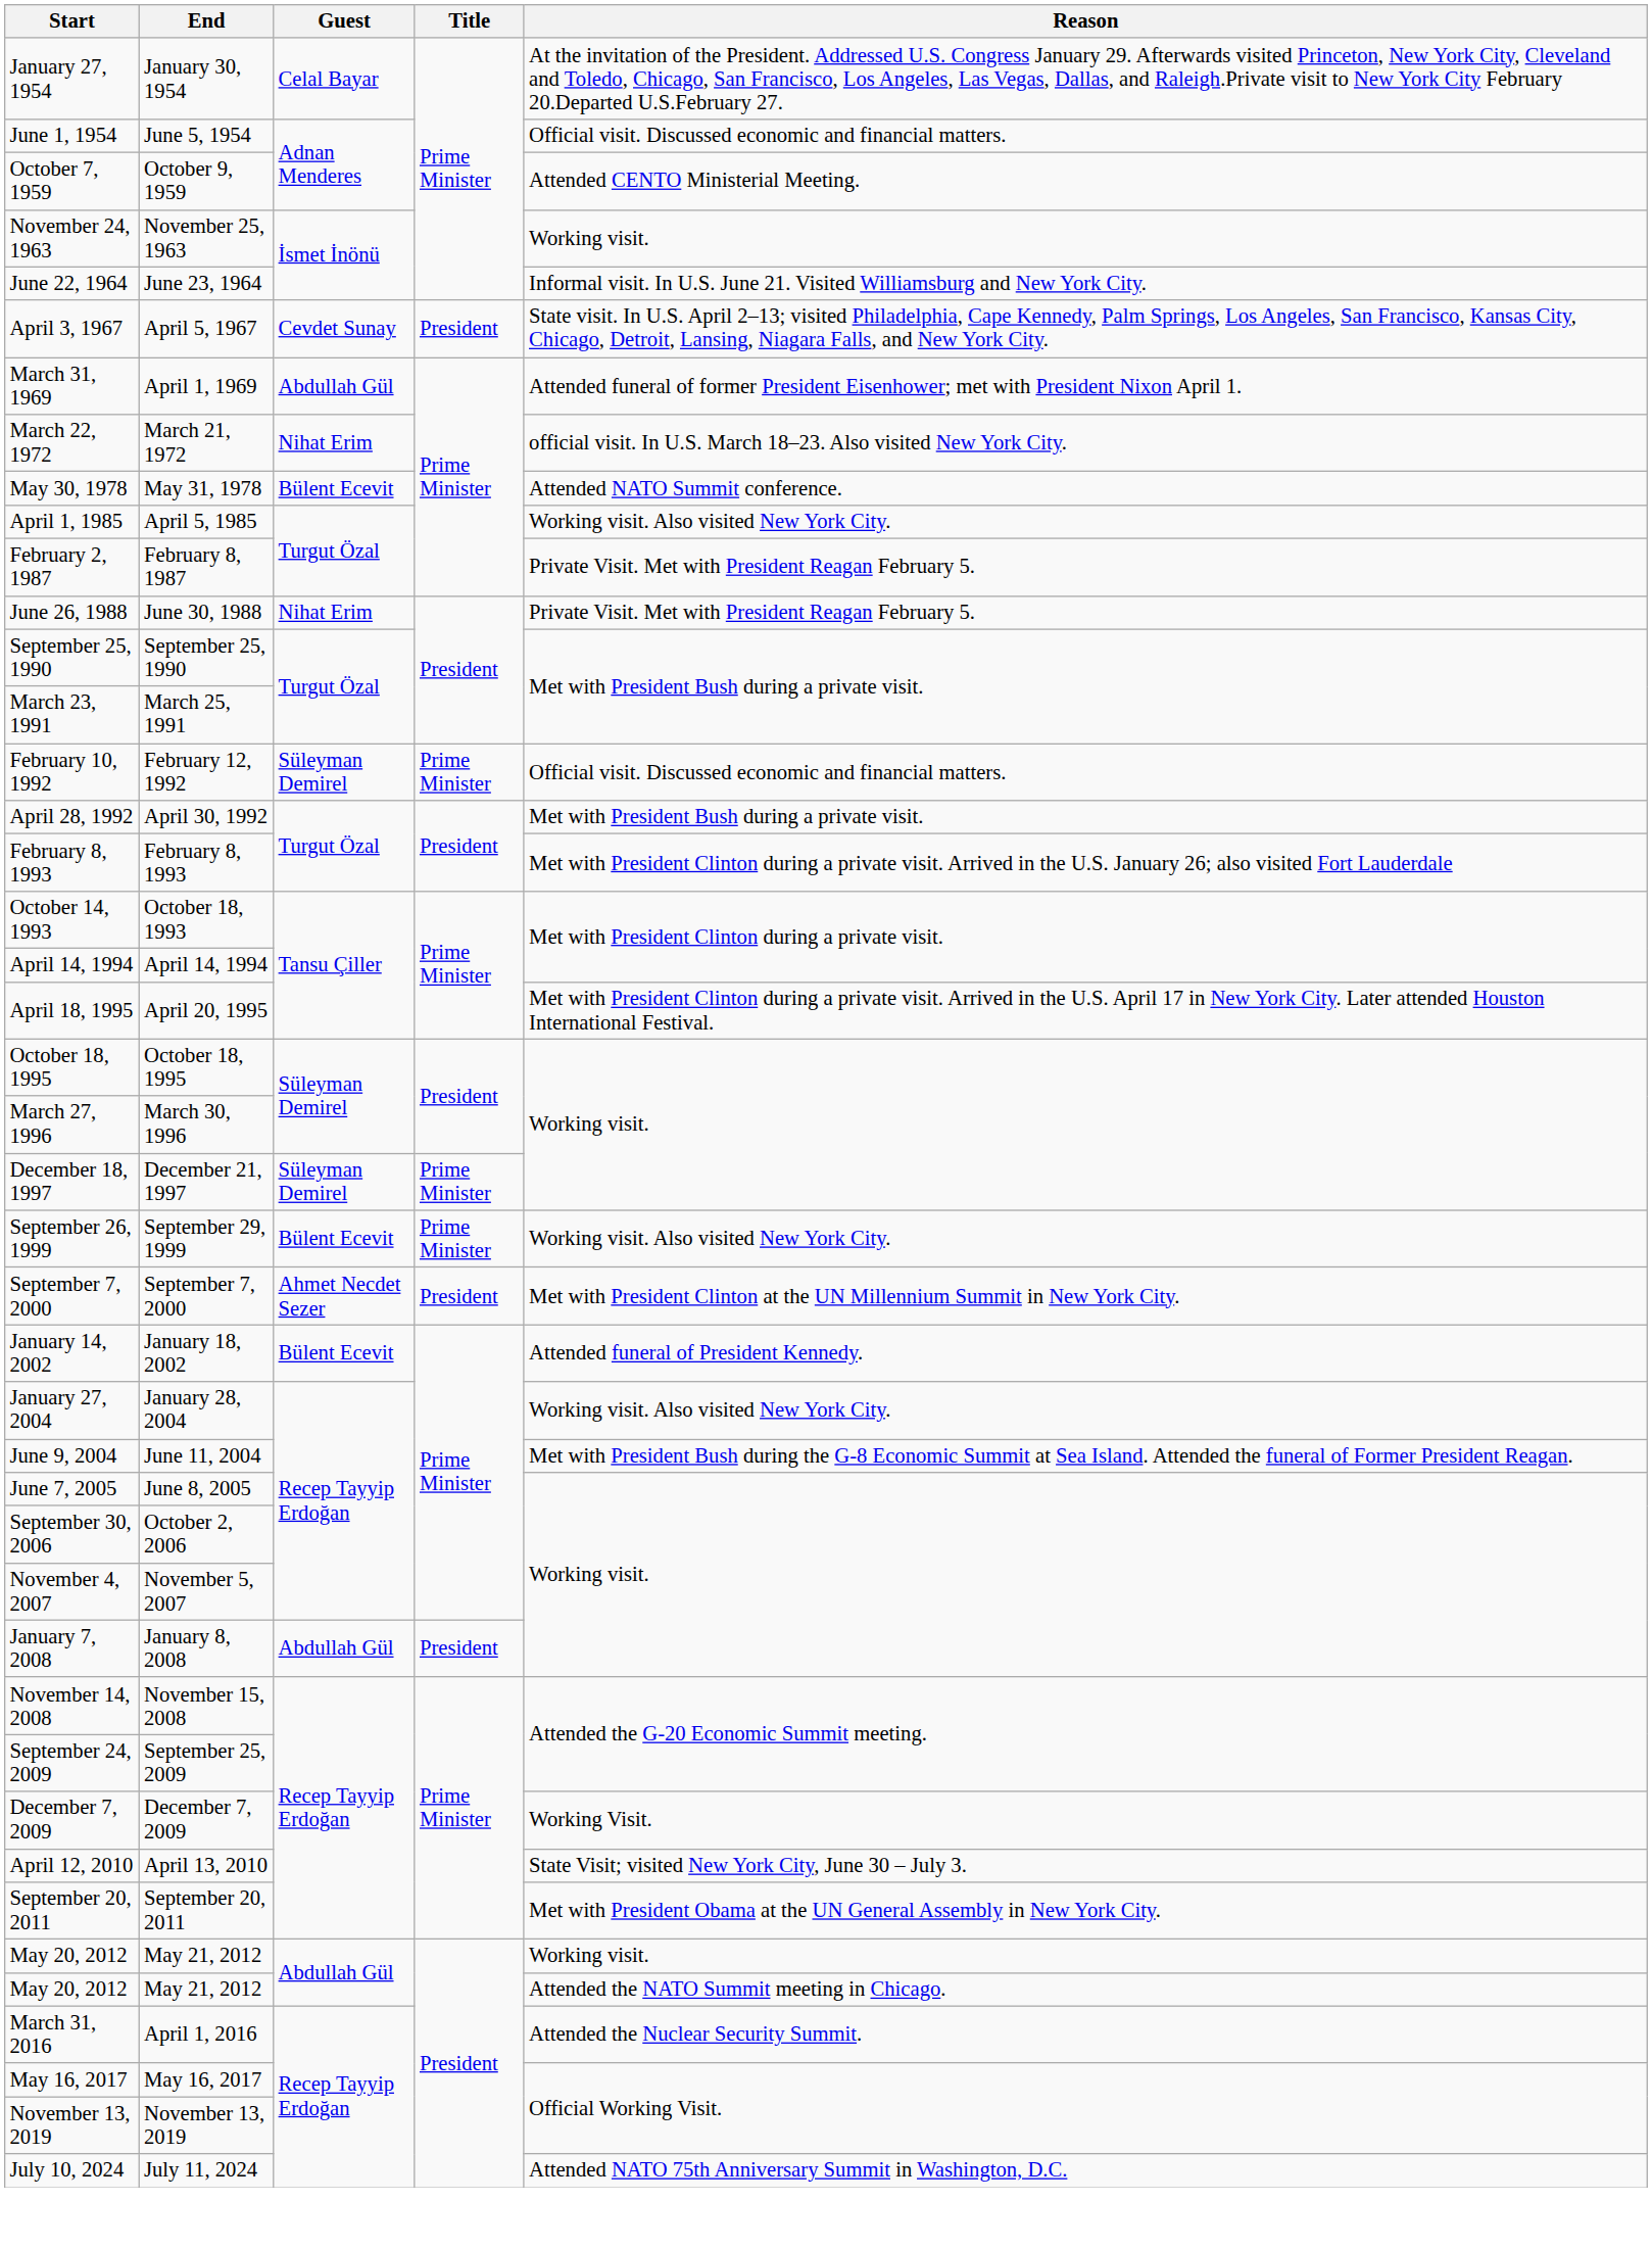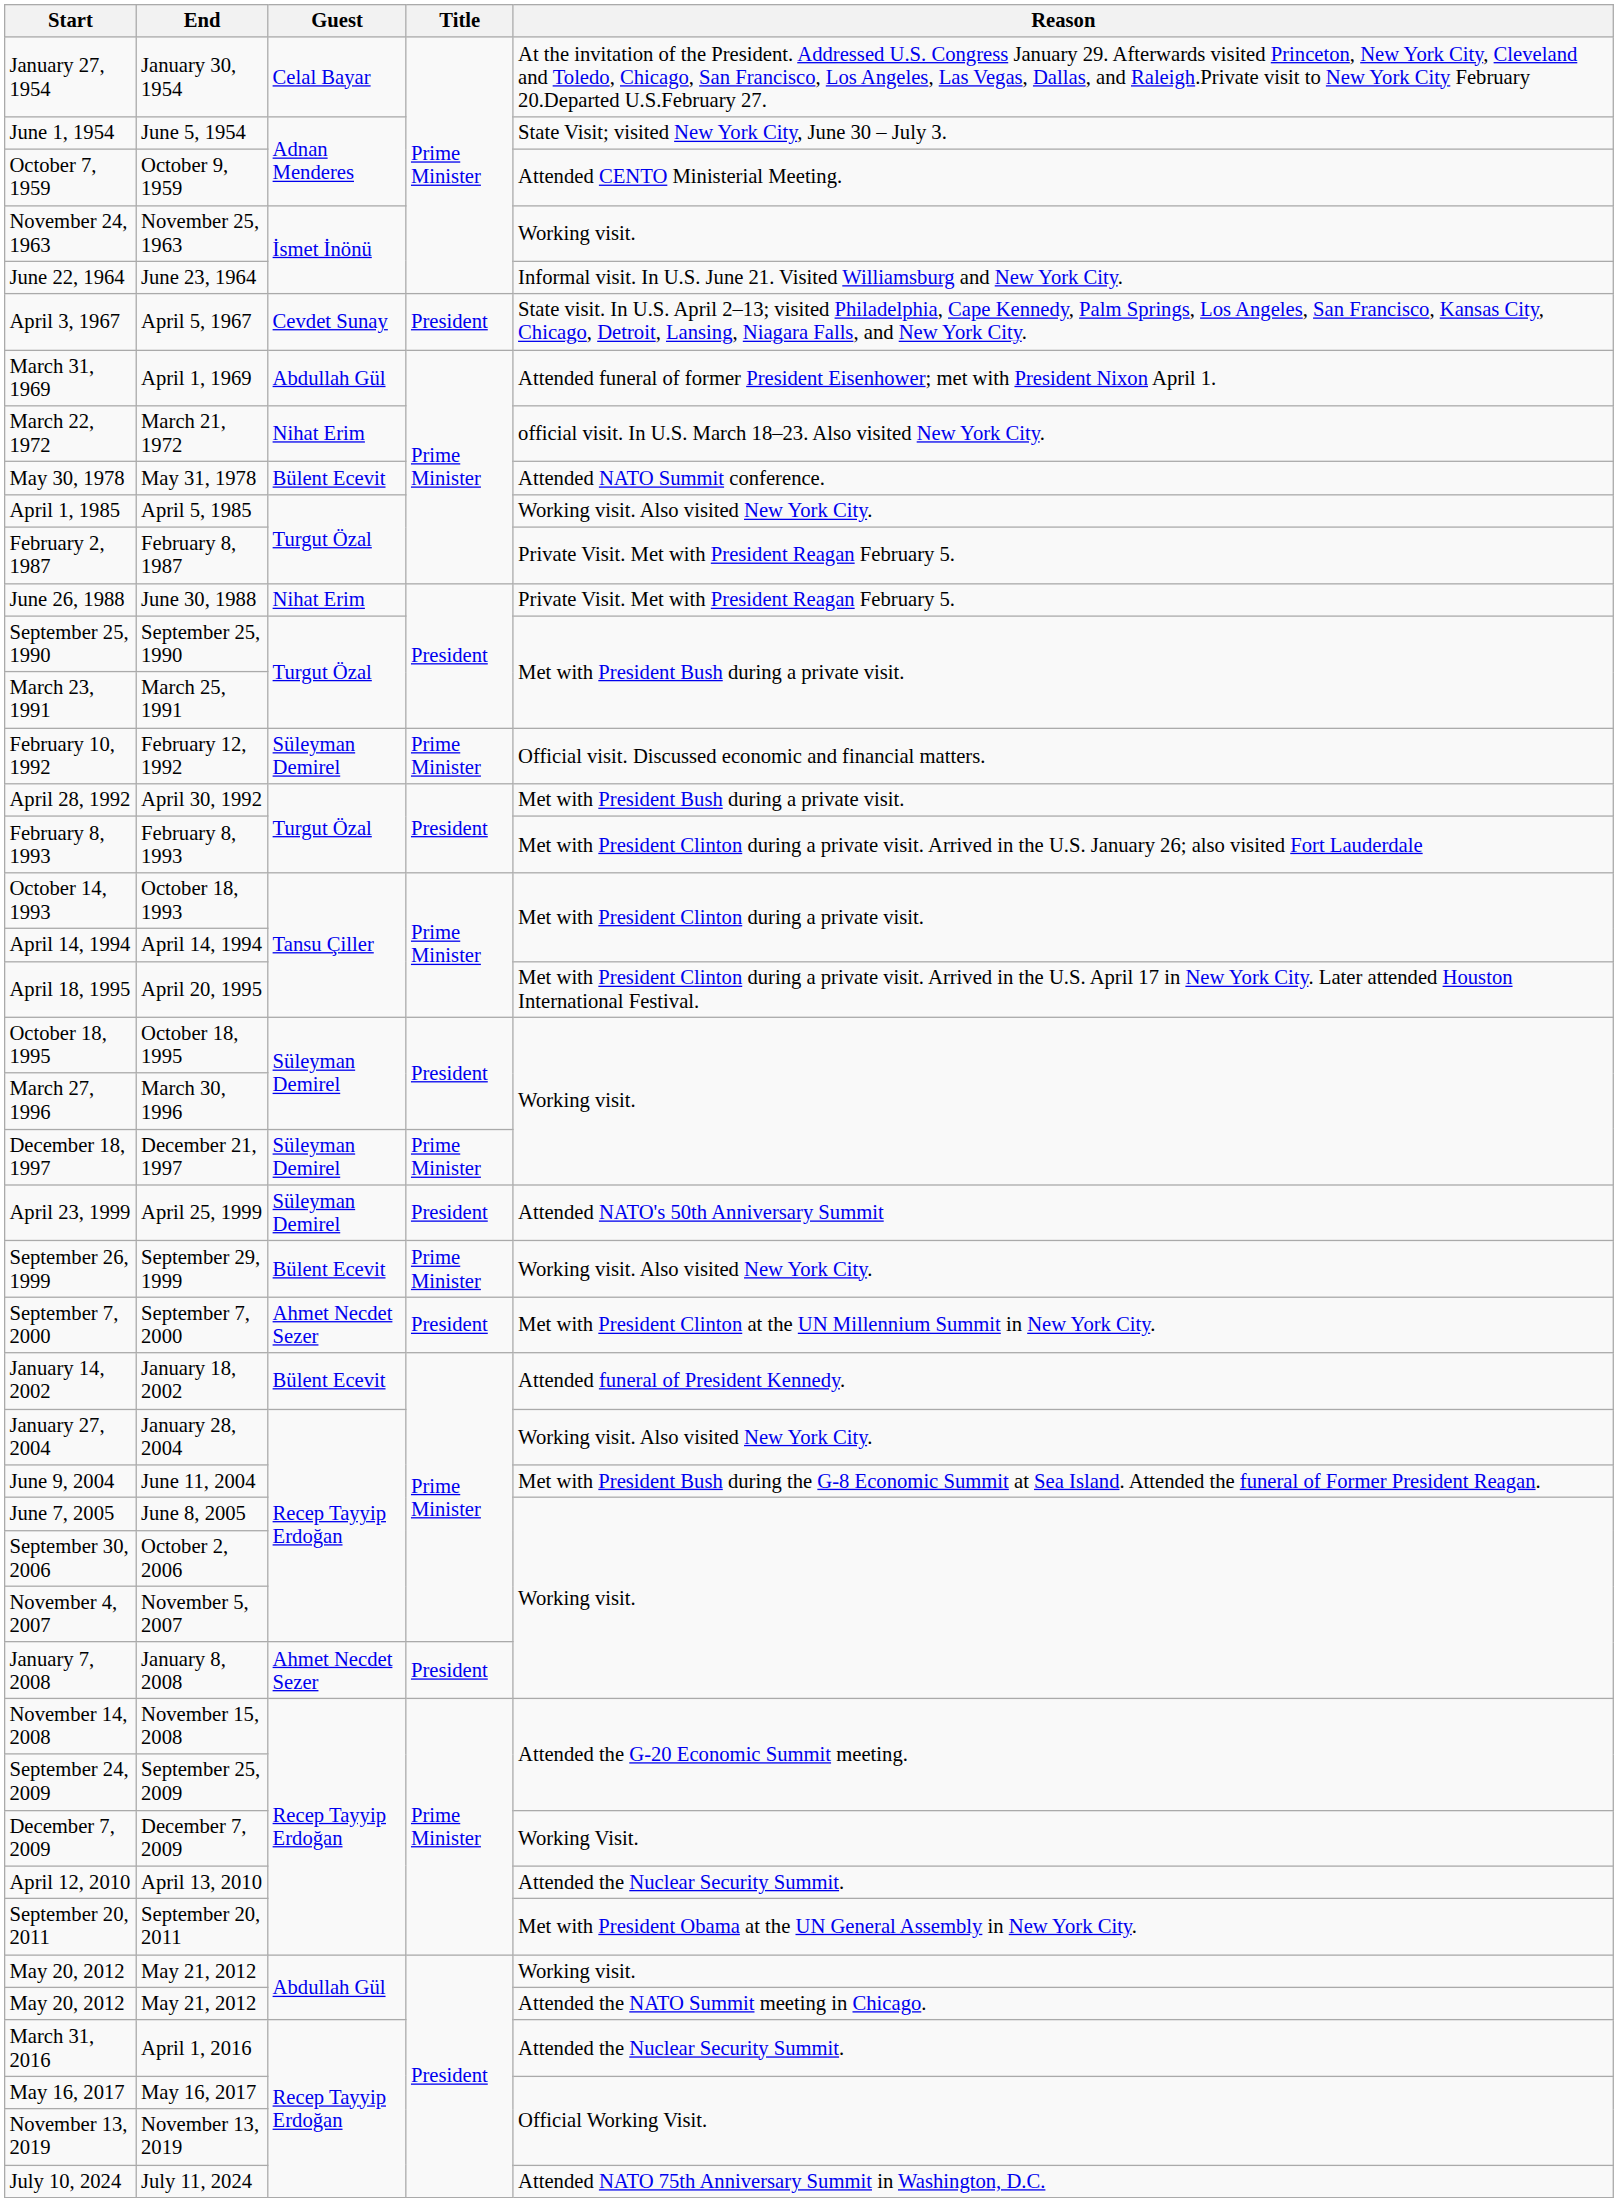 <table class="wikitable sortable">
 <tr>
 <th>Start</th>
 <th>End</th>
 <th>Guest</th>
 <th>Title</th>
 <th>Reason</th>
 </tr>
 <tr>
 <td>January 27, 1954</td>
 <td>January 30, 1954</td>
 <td><a href='#'>Celal Bayar</a></td>
 <td rowspan=5><a href='#'>Prime Minister</a></td>
 <td>At the invitation of the President. <a href='#'>Addressed U.S. Congress</a> January 29. Afterwards visited <a href='#'>Princeton</a>, <a href='#'>New York City</a>, <a href='#'>Cleveland</a> and <a href='#'>Toledo</a>, <a href='#'>Chicago</a>, <a href='#'>San Francisco</a>, <a href='#'>Los Angeles</a>, <a href='#'>Las Vegas</a>, <a href='#'>Dallas</a>, and <a href='#'>Raleigh</a>.Private visit to <a href='#'>New York City</a> February 20.Departed U.S.February 27.</td>
 </tr>
 <tr>
 <td>June 1, 1954</td>
 <td>June 5, 1954</td>
 <td rowspan=2><a href='#'>Adnan Menderes</a></td>
-<td>Official visit. Discussed economic and financial matters.</td>
+<td>State Visit; visited <a href='#'>New York City</a>, June 30 – July 3.</td>
 </tr>
 <tr>
 <td>October 7, 1959</td>
 <td>October 9, 1959</td>
 <td>Attended <a href='#'>CENTO</a> Ministerial Meeting.</td>
 </tr>
 <tr>
 <td>November 24, 1963</td>
 <td>November 25, 1963</td>
 <td rowspan=2><a href='#'>İsmet İnönü</a></td>
 <td>Working visit.</td>
 </tr>
 <tr>
 <td>June 22, 1964</td>
 <td>June 23, 1964</td>
 <td>Informal visit. In U.S. June 21. Visited <a href='#'>Williamsburg</a> and <a href='#'>New York City</a>.</td>
 </tr>
 <tr>
 <td>April 3, 1967</td>
 <td>April 5, 1967</td>
 <td><a href='#'>Cevdet Sunay</a></td>
 <td><a href='#'>President</a></td>
 <td>State visit. In U.S. April 2–13; visited <a href='#'>Philadelphia</a>, <a href='#'>Cape Kennedy</a>, <a href='#'>Palm Springs</a>, <a href='#'>Los Angeles</a>, <a href='#'>San Francisco</a>, <a href='#'>Kansas City</a>, <a href='#'>Chicago</a>, <a href='#'>Detroit</a>, <a href='#'>Lansing</a>, <a href='#'>Niagara Falls</a>, and <a href='#'>New York City</a>.</td>
 </tr>
 <tr>
 <td>March 31, 1969</td>
 <td>April 1, 1969</td>
 <td><a href='#'>Abdullah Gül</a></td>
 <td rowspan=5><a href='#'>Prime Minister</a></td>
 <td>Attended funeral of former <a href='#'>President Eisenhower</a>; met with <a href='#'>President Nixon</a> April 1.</td>
 </tr>
 <tr>
 <td>March 22, 1972</td>
 <td>March 21, 1972</td>
 <td><a href='#'>Nihat Erim</a></td>
 <td>official visit. In U.S. March 18–23. Also visited <a href='#'>New York City</a>.</td>
 </tr>
 <tr>
 <td>May 30, 1978</td>
 <td>May 31, 1978</td>
 <td><a href='#'>Bülent Ecevit</a></td>
 <td>Attended <a href='#'>NATO Summit</a> conference.</td>
 </tr>
 <tr>
 <td>April 1, 1985</td>
 <td>April 5, 1985</td>
 <td rowspan=2><a href='#'>Turgut Özal</a></td>
 <td>Working visit. Also visited <a href='#'>New York City</a>.</td>
 </tr>
 <tr>
 <td>February 2, 1987</td>
 <td>February 8, 1987</td>
 <td>Private Visit. Met with <a href='#'>President Reagan</a> February 5.</td>
 </tr>
 <tr>
 <td>June 26, 1988</td>
 <td>June 30, 1988</td>
 <td><a href='#'>Nihat Erim</a></td>
 <td rowspan=3><a href='#'>President</a></td>
 <td>Private Visit. Met with <a href='#'>President Reagan</a> February 5.</td>
 </tr>
 <tr>
 <td>September 25, 1990</td>
 <td>September 25, 1990</td>
 <td rowspan=2><a href='#'>Turgut Özal</a></td>
 <td rowspan=2>Met with <a href='#'>President Bush</a> during a private visit.</td>
 </tr>
 <tr>
 <td>March 23, 1991</td>
 <td>March 25, 1991</td>
 </tr>
 <tr>
 <td>February 10, 1992</td>
 <td>February 12, 1992</td>
 <td><a href='#'>Süleyman Demirel</a></td>
 <td><a href='#'>Prime Minister</a></td>
 <td>Official visit. Discussed economic and financial matters.</td>
 </tr>
 <tr>
 <td>April 28, 1992</td>
 <td>April 30, 1992</td>
 <td rowspan=2><a href='#'>Turgut Özal</a></td>
 <td rowspan=2><a href='#'>President</a></td>
 <td>Met with <a href='#'>President Bush</a> during a private visit.</td>
 </tr>
 <tr>
 <td>February 8, 1993</td>
 <td>February 8, 1993</td>
 <td>Met with <a href='#'>President Clinton</a> during a private visit. Arrived in the U.S. January 26; also visited <a href='#'>Fort Lauderdale</a></td>
 </tr>
 <tr>
 <td>October 14, 1993</td>
 <td>October 18, 1993</td>
 <td rowspan=3><a href='#'>Tansu Çiller</a></td>
 <td rowspan=3><a href='#'>Prime Minister</a></td>
 <td rowspan=2>Met with <a href='#'>President Clinton</a> during a private visit.</td>
 </tr>
 <tr>
 <td>April 14, 1994</td>
 <td>April 14, 1994</td>
 </tr>
 <tr>
 <td>April 18, 1995</td>
 <td>April 20, 1995</td>
 <td>Met with <a href='#'>President Clinton</a> during a private visit. Arrived in the U.S. April 17 in <a href='#'>New York City</a>. Later attended <a href='#'>Houston</a> International Festival.</td>
 </tr>
 <tr>
 <td>October 18, 1995</td>
 <td>October 18, 1995</td>
 <td rowspan=2><a href='#'>Süleyman Demirel</a></td>
 <td rowspan=2><a href='#'>President</a></td>
 <td rowspan=3>Working visit.</td>
 </tr>
 <tr>
 <td>March 27, 1996</td>
 <td>March 30, 1996</td>
 </tr>
 <tr>
 <td>December 18, 1997</td>
 <td>December 21, 1997</td>
 <td><a href='#'>Süleyman Demirel</a></td>
 <td><a href='#'>Prime Minister</a></td>
 </tr>
 <tr>
+<td>April 23, 1999</td>
+<td>April 25, 1999</td>
+<td><a href='#'>Süleyman Demirel</a></td>
+<td><a href='#'>President</a></td>
+<td>Attended <a href='#'>NATO's 50th Anniversary Summit</a></td>
+</tr>
+<tr>
 <td>September 26, 1999</td>
 <td>September 29, 1999</td>
 <td><a href='#'>Bülent Ecevit</a></td>
 <td><a href='#'>Prime Minister</a></td>
 <td>Working visit. Also visited <a href='#'>New York City</a>.</td>
 </tr>
 <tr>
 <td>September 7, 2000</td>
 <td>September 7, 2000</td>
 <td><a href='#'>Ahmet Necdet Sezer</a></td>
 <td><a href='#'>President</a></td>
 <td>Met with <a href='#'>President Clinton</a> at the <a href='#'>UN Millennium Summit</a> in <a href='#'>New York City</a>.</td>
 </tr>
 <tr>
 <td>January 14, 2002</td>
 <td>January 18, 2002</td>
 <td><a href='#'>Bülent Ecevit</a></td>
 <td rowspan=6><a href='#'>Prime Minister</a></td>
 <td>Attended <a href='#'>funeral of President Kennedy</a>.</td>
 </tr>
 <tr>
 <td>January 27, 2004</td>
 <td>January 28, 2004</td>
 <td rowspan=5><a href='#'>Recep Tayyip Erdoğan</a></td>
 <td>Working visit. Also visited <a href='#'>New York City</a>.</td>
 </tr>
 <tr>
 <td>June 9, 2004</td>
 <td>June 11, 2004</td>
 <td>Met with <a href='#'>President Bush</a> during the <a href='#'>G-8 Economic Summit</a> at <a href='#'>Sea Island</a>. Attended the <a href='#'>funeral of Former President Reagan</a>.</td>
 </tr>
 <tr>
 <td>June 7, 2005</td>
 <td>June 8, 2005</td>
 <td rowspan=4>Working visit.</td>
 </tr>
 <tr>
 <td>September 30, 2006</td>
 <td>October 2, 2006</td>
 </tr>
 <tr>
 <td>November 4, 2007</td>
 <td>November 5, 2007</td>
 </tr>
 <tr>
 <td>January 7, 2008</td>
 <td>January 8, 2008</td>
-<td><a href='#'>Abdullah Gül</a></td>
+<td><a href='#'>Ahmet Necdet Sezer</a></td>
 <td><a href='#'>President</a></td>
 </tr>
 <tr>
 <td>November 14, 2008</td>
 <td>November 15, 2008</td>
 <td rowspan=5><a href='#'>Recep Tayyip Erdoğan</a></td>
 <td rowspan=5><a href='#'>Prime Minister</a></td>
 <td rowspan=2>Attended the <a href='#'>G-20 Economic Summit</a> meeting.</td>
 </tr>
 <tr>
 <td>September 24, 2009</td>
 <td>September 25, 2009</td>
 </tr>
 <tr>
 <td>December 7, 2009</td>
 <td>December 7, 2009</td>
 <td>Working Visit.</td>
 </tr>
 <tr>
 <td>April 12, 2010</td>
 <td>April 13, 2010</td>
-<td>State Visit; visited <a href='#'>New York City</a>, June 30 – July 3.</td>
+<td>Attended the <a href='#'>Nuclear Security Summit</a>.</td>
 </tr>
 <tr>
 <td>September 20, 2011</td>
 <td>September 20, 2011</td>
 <td>Met with <a href='#'>President Obama</a> at the <a href='#'>UN General Assembly</a> in <a href='#'>New York City</a>.</td>
 </tr>
 <tr>
 <td>May 20, 2012</td>
 <td>May 21, 2012</td>
 <td rowspan=2><a href='#'>Abdullah Gül</a></td>
 <td rowspan=6><a href='#'>President</a></td>
 <td>Working visit.</td>
 </tr>
 <tr>
 <td>May 20, 2012</td>
 <td>May 21, 2012</td>
 <td>Attended the <a href='#'>NATO Summit</a> meeting in <a href='#'>Chicago</a>.</td>
 </tr>
 <tr>
 <td>March 31, 2016</td>
 <td>April 1, 2016</td>
 <td rowspan=4><a href='#'>Recep Tayyip Erdoğan</a></td>
 <td>Attended the <a href='#'>Nuclear Security Summit</a>.</td>
 </tr>
 <tr>
 <td>May 16, 2017</td>
 <td>May 16, 2017</td>
 <td rowspan=2>Official Working Visit.</td>
 </tr>
 <tr>
 <td>November 13, 2019</td>
 <td>November 13, 2019</td>
 </tr>
 <tr>
 <td>July 10, 2024</td>
 <td>July 11, 2024</td>
 <td>Attended <a href='#'>NATO 75th Anniversary Summit</a> in <a href='#'>Washington, D.C.</a></td>
 </tr>
 </table>
